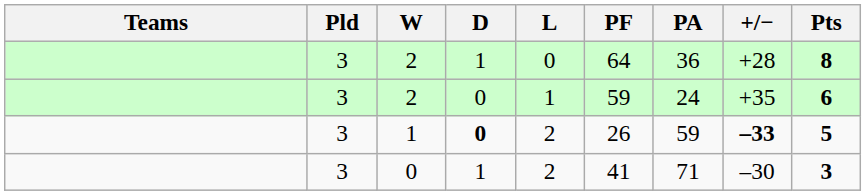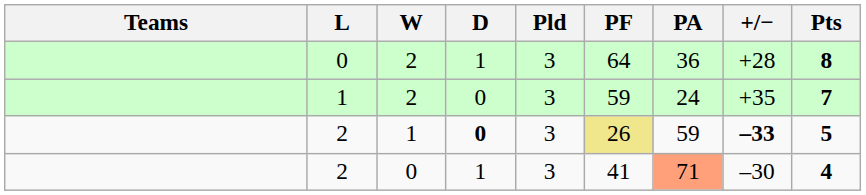 <table class="wikitable" style="text-align: center;">
 <tr>
 <th width="200">Teams</th>
-<th width="40">Pld</th>
+<th width="40">L</th>
 <th width="40">W</th>
 <th width="40">D</th>
-<th width="40">L</th>
+<th width="40">Pld</th>
 <th width="40">PF</th>
 <th width="40">PA</th>
 <th width="40">+/−</th>
 <th width="40">Pts</th>
 </tr>
 <tr bgcolor=ccffcc>
 <td align=left></td>
-<td>3</td>
+<td>0</td>
 <td>2</td>
 <td>1</td>
-<td>0</td>
+<td>3</td>
 <td>64</td>
 <td>36</td>
 <td>+28</td>
 <td><strong>8</strong></td>
 </tr>
 <tr bgcolor=ccffcc>
 <td align=left></td>
-<td>3</td>
+<td>1</td>
 <td>2</td>
 <td>0</td>
-<td>1</td>
+<td>3</td>
 <td>59</td>
 <td>24</td>
 <td>+35</td>
-<td><strong>6</strong></td>
+<td><strong>7</strong></td>
 </tr>
 <tr>
 <td align=left></td>
-<td>3</td>
+<td>2</td>
 <td>1</td>
 <td><strong>0</strong></td>
-<td>2</td>
-<td>26</td>
+<td>3</td>
+<td style="background: khaki;">26</td>
 <td>59</td>
 <td><strong>–33</strong></td>
 <td><strong>5</strong></td>
 </tr>
 <tr>
 <td align=left></td>
-<td>3</td>
+<td>2</td>
 <td>0</td>
 <td>1</td>
-<td>2</td>
+<td>3</td>
 <td>41</td>
-<td>71</td>
+<td style="background: lightsalmon;">71</td>
 <td>–30</td>
-<td><strong>3</strong></td>
+<td><strong>4</strong></td>
 </tr>
 </table>
